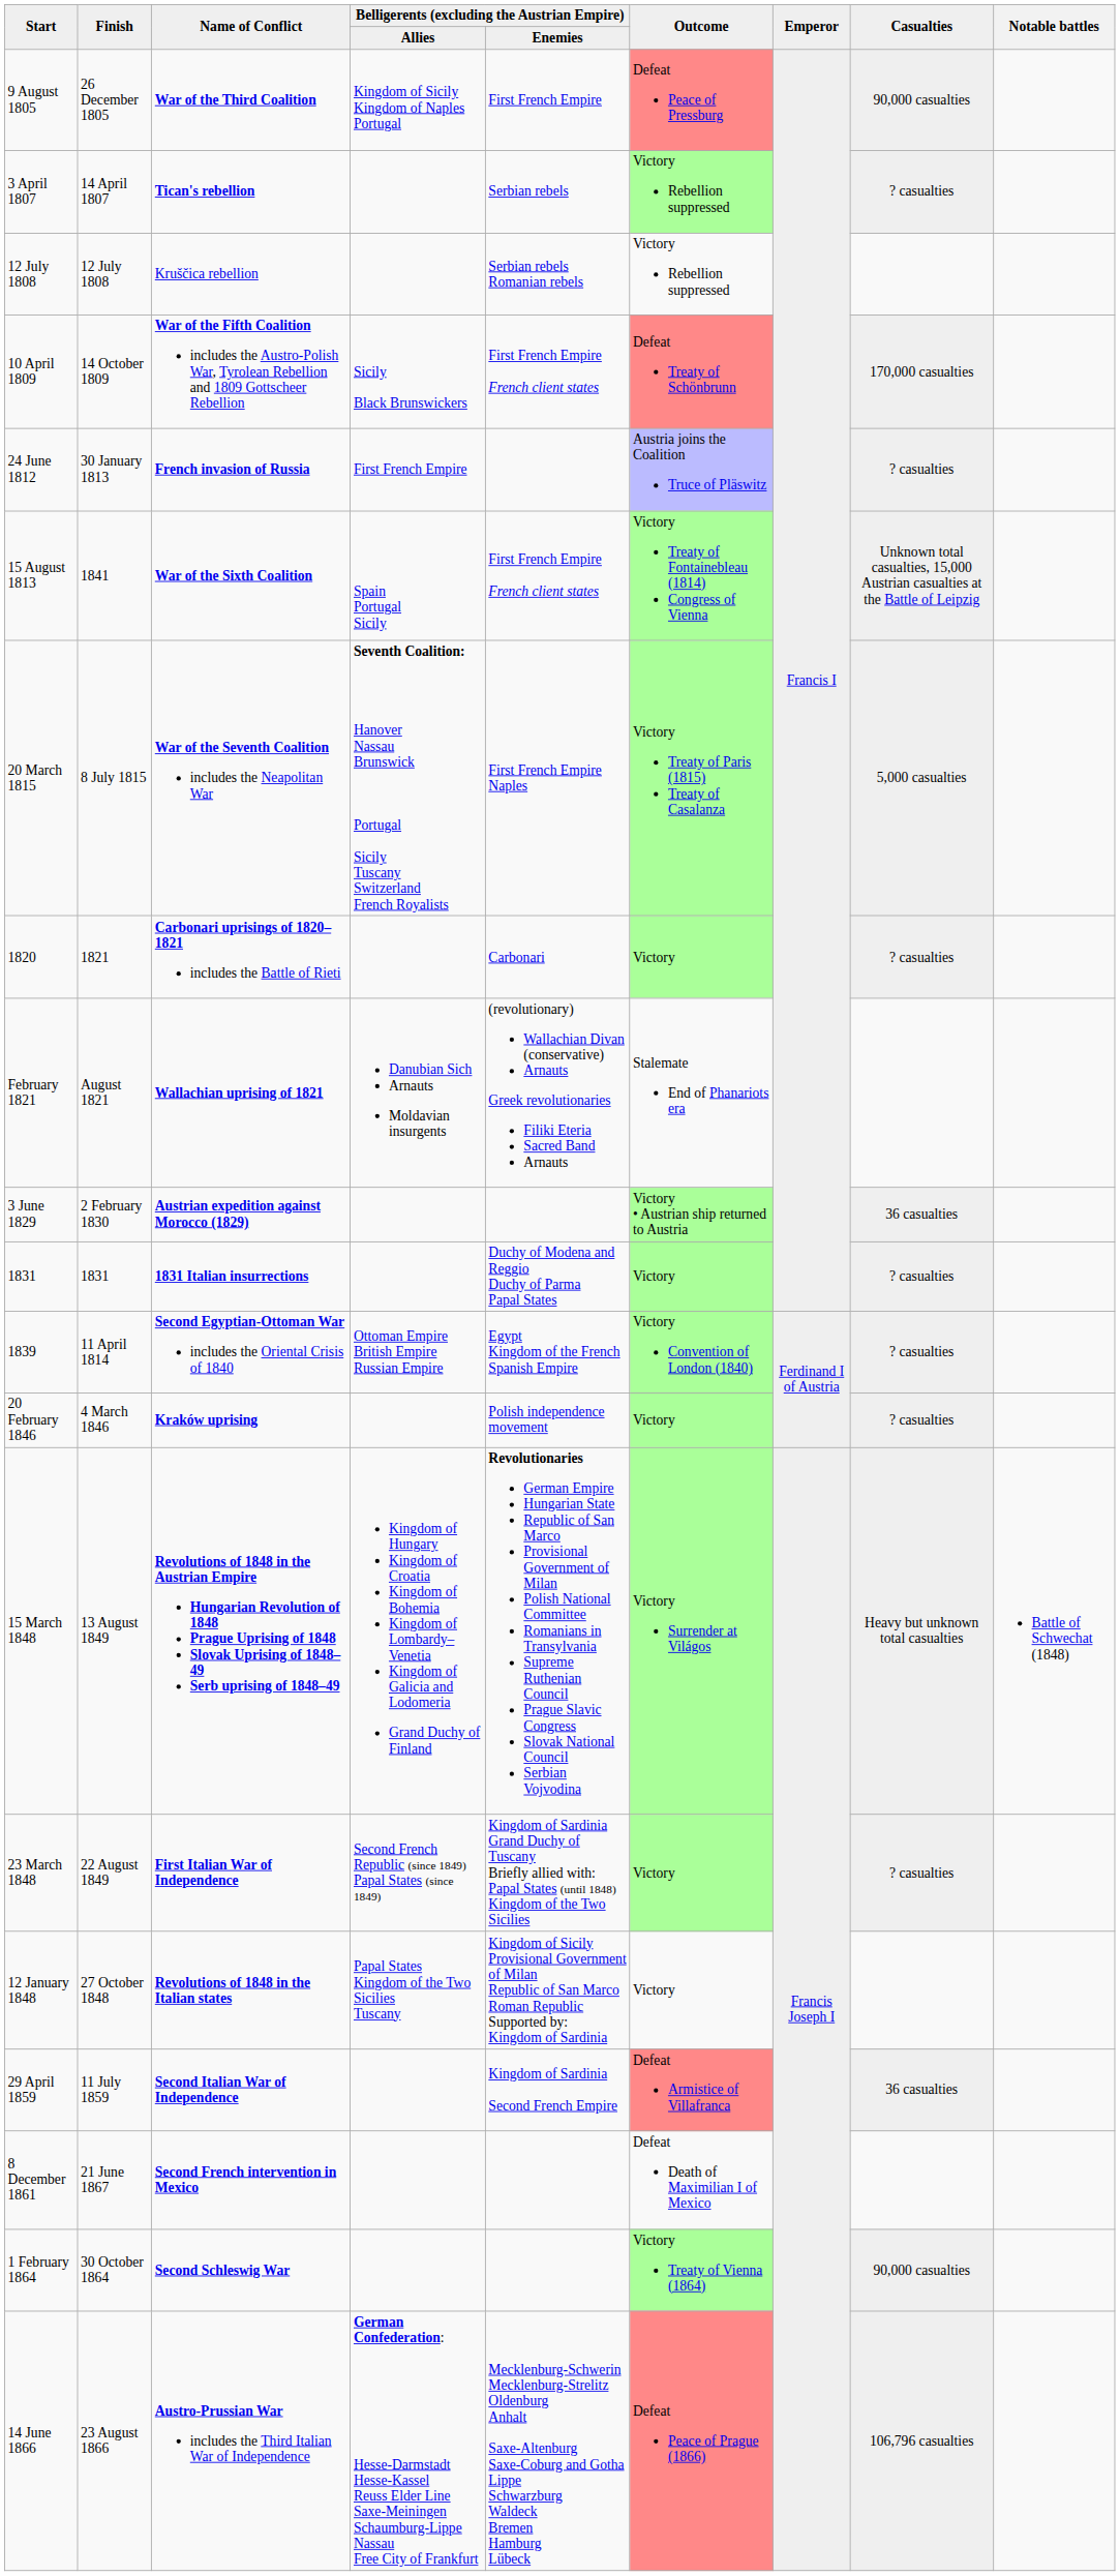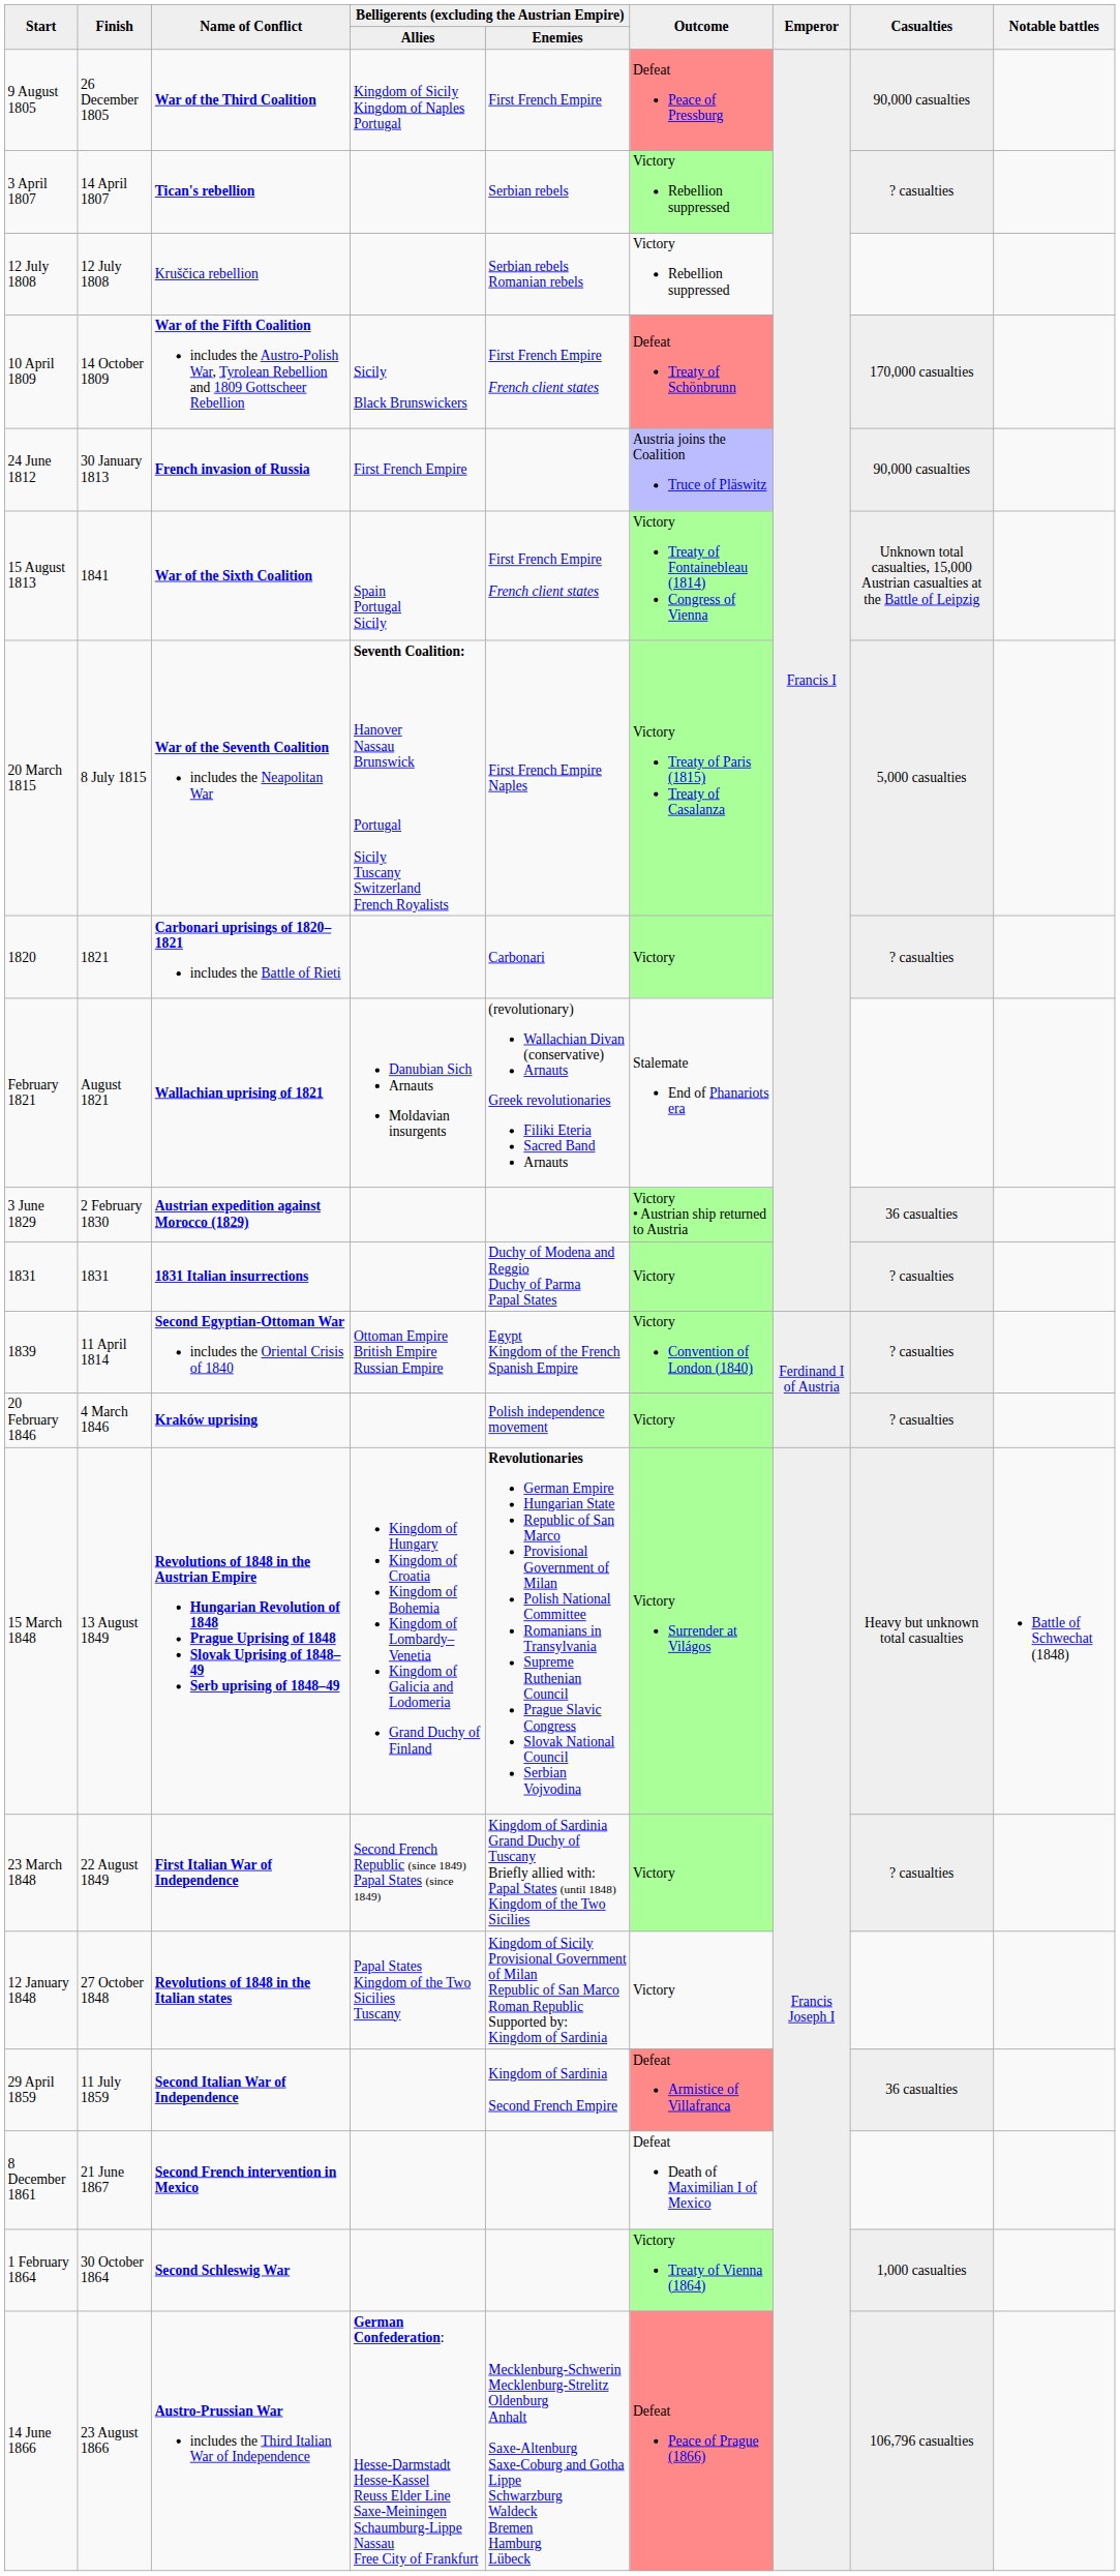 <table class="wikitable sortable" width="100%">
 <tr>
 <th rowspan="2" style="background:#efefef;">Start</th>
 <th rowspan="2" style="background:#efefef;">Finish</th>
 <th rowspan="2" style="background:#efefef;">Name of Conflict</th>
 <th colspan="2" style="background:#efefef;">Belligerents (excluding the Austrian Empire)</th>
 <th rowspan="2" style="background:#efefef;">Outcome</th>
 <th rowspan="2" style="background:#efefef;">Emperor</th>
 <th rowspan="2" style="background:#efefef;">Casualties</th>
 <th rowspan="2">Notable battles</th>
 </tr>
 <tr>
 <th style="background:#efefef;">Allies</th>
 <th style="background:#efefef;">Enemies</th>
 </tr>
 <tr>
 <td>9 August 1805</td>
 <td>26 December 1805</td>
 <td><strong><a href='#'>War of the Third Coalition</a></strong></td>
 <td><br><br> <a href='#'>Kingdom of Sicily</a><br><a href='#'>Kingdom of Naples</a><br> <a href='#'>Portugal</a><br><br></td>
 <td> <a href='#'>First French Empire</a><br></td>
 <td style="background:#F88">Defeat<br><ul><li><a href='#'>Peace of Pressburg</a></li></ul></td>
 <td rowspan="11" style="background:#efefef; text-align:center"><a href='#'>Francis I</a></td>
 <td style="background:#efefef; text-align:center">90,000 casualties</td>
 <td></td>
 </tr>
 <tr>
 <td>3 April 1807</td>
 <td>14 April 1807</td>
 <td><strong><a href='#'>Tican's rebellion</a></strong></td>
 <td></td>
 <td><a href='#'>Serbian rebels</a></td>
 <td style="Background:#AF9">Victory<br><ul><li>Rebellion suppressed</li></ul></td>
 <td style="background:#efefef; text-align:center">? casualties</td>
 <td></td>
 </tr>
 <tr>
 <td>12 July<br>1808</td>
 <td>12 July 1808</td>
 <td><a href='#'>Kruščica rebellion</a></td>
 <td></td>
 <td><a href='#'>Serbian rebels</a><br><a href='#'>Romanian rebels</a></td>
 <td>Victory<br><ul><li>Rebellion suppressed</li></ul></td>
 <td></td>
 <td></td>
 </tr>
 <tr>
 <td>10 April 1809</td>
 <td>14 October 1809</td>
 <td><strong><a href='#'>War of the Fifth Coalition</a></strong><br><ul><li>includes the <a href='#'>Austro-Polish War</a>, <a href='#'>Tyrolean Rebellion</a> and <a href='#'>1809 Gottscheer Rebellion</a></li></ul></td>
 <td><br><br> <a href='#'>Sicily</a> <br> <br>  <a href='#'>Black Brunswickers</a></td>
 <td> <a href='#'>First French Empire</a><br><br><em><a href='#'>French client states</a></em></td>
 <td style="background:#F88">Defeat<br><ul><li><a href='#'>Treaty of Schönbrunn</a></li></ul></td>
 <td style="background:#efefef; text-align:center">170,000 casualties</td>
 <td></td>
 </tr>
 <tr>
 <td>24 June 1812</td>
 <td>30 January 1813</td>
 <td><strong><a href='#'>French invasion of Russia</a></strong></td>
 <td> <a href='#'>First French Empire</a><br></td>
 <td><br><br></td>
 <td style="background:#BBf">Austria joins the Coalition<br><ul><li><a href='#'>Truce of Pläswitz</a></li></ul></td>
-<td style="background:#efefef; text-align:center">? casualties</td>
+<td style="background:#efefef; text-align:center">90,000 casualties</td>
 <td></td>
 </tr>
 <tr>
 <td>15 August 1813</td>
 <td>1841</td>
 <td><strong><a href='#'>War of the Sixth Coalition</a></strong></td>
 <td><br><br><br><br> <a href='#'>Spain</a><br> <a href='#'>Portugal</a><br> <a href='#'>Sicily</a><br></td>
 <td> <a href='#'>First French Empire</a><br><br><em><a href='#'>French client states</a></em></td>
 <td style="Background:#AF9">Victory<br><ul><li><a href='#'>Treaty of Fontainebleau (1814)</a></li><li><a href='#'>Congress of Vienna</a></li></ul></td>
 <td style="background:#efefef; text-align:center">Unknown total casualties, 15,000 Austrian casualties at the <a href='#'>Battle of Leipzig</a></td>
 <td></td>
 </tr>
 <tr>
 <td>20 March 1815</td>
 <td>8 July 1815</td>
 <td><strong><a href='#'>War of the Seventh Coalition</a></strong><br><ul><li>includes the <a href='#'>Neapolitan War</a></li></ul></td>
 <td><strong>Seventh Coalition:</strong><br><br><br><br><br> <a href='#'>Hanover</a><br> <a href='#'>Nassau</a><br> <a href='#'>Brunswick</a><br><br><br><br> <a href='#'>Portugal</a><br><br> <a href='#'>Sicily</a><br> <a href='#'>Tuscany</a><br> <a href='#'>Switzerland</a><br> <a href='#'>French Royalists</a></td>
 <td> <a href='#'>First French Empire</a><br> <a href='#'>Naples</a></td>
 <td style="Background:#AF9">Victory<br><ul><li><a href='#'>Treaty of Paris (1815)</a></li><li><a href='#'>Treaty of Casalanza</a></li></ul></td>
 <td style="background:#efefef; text-align:center">5,000 casualties</td>
 <td></td>
 </tr>
 <tr>
 <td>1820</td>
 <td>1821</td>
 <td><strong><a href='#'>Carbonari uprisings of 1820–1821</a></strong><br><ul><li>includes the <a href='#'>Battle of Rieti</a></li></ul></td>
 <td></td>
 <td> <a href='#'>Carbonari</a></td>
 <td style="Background:#AF9">Victory</td>
 <td style="background:#efefef; text-align:center">? casualties</td>
 <td></td>
 </tr>
 <tr>
 <td>February 1821</td>
 <td>August 1821</td>
 <td><strong><a href='#'>Wallachian uprising of 1821</a></strong></td>
 <td><br><ul><li> <a href='#'>Danubian Sich</a></li><li>Arnauts</li></ul><ul><li> Moldavian insurgents</li></ul></td>
 <td> (revolutionary)<br><ul><li> <a href='#'>Wallachian Divan</a> (conservative)</li><li><a href='#'>Arnauts</a></li></ul> <a href='#'>Greek revolutionaries</a><ul><li> <a href='#'>Filiki Eteria</a></li><li> <a href='#'>Sacred Band</a></li><li>Arnauts</li></ul></td>
 <td>Stalemate<br><ul><li>End of <a href='#'>Phanariots era</a></li></ul></td>
 <td></td>
 <td></td>
 </tr>
 <tr>
 <td>3 June 1829</td>
 <td>2 February 1830</td>
 <td><strong><a href='#'>Austrian expedition against Morocco (1829)</a></strong></td>
 <td></td>
 <td><br></td>
 <td style="Background:#AF9">Victory<br>• Austrian ship returned to Austria</td>
 <td style="background:#efefef; text-align:center">36 casualties</td>
 <td></td>
 </tr>
 <tr>
 <td>1831</td>
 <td>1831</td>
 <td><strong><a href='#'>1831 Italian insurrections</a></strong></td>
 <td></td>
 <td> <a href='#'>Duchy of Modena and Reggio</a><br> <a href='#'>Duchy of Parma</a><br> <a href='#'>Papal States</a></td>
 <td style="Background:#AF9">Victory</td>
 <td style="background:#efefef; text-align:center">? casualties</td>
 <td></td>
 </tr>
 <tr>
 <td>1839</td>
 <td>11 April 1814</td>
 <td><strong><a href='#'>Second Egyptian-Ottoman War</a></strong><br><ul><li>includes the <a href='#'>Oriental Crisis of 1840</a></li></ul></td>
 <td> <a href='#'>Ottoman Empire</a><br> <a href='#'>British Empire</a>  <a href='#'>Russian Empire</a> </td>
 <td> <a href='#'>Egypt</a><br> <a href='#'>Kingdom of the French</a>  <a href='#'>Spanish Empire</a></td>
 <td style="Background:#AF9">Victory<br><ul><li><a href='#'>Convention of London (1840)</a></li></ul></td>
 <td style="background:#efefef; text-align:center" rowspan=2><a href='#'>Ferdinand I of Austria</a></td>
 <td style="background:#efefef; text-align:center">? casualties</td>
 <td></td>
 </tr>
 <tr>
 <td>20 February 1846</td>
 <td>4 March 1846</td>
 <td><strong><a href='#'>Kraków uprising</a></strong></td>
 <td></td>
 <td> <a href='#'>Polish independence movement</a></td>
 <td style="Background:#AF9">Victory</td>
 <td style="background:#efefef; text-align:center">? casualties</td>
 <td></td>
 </tr>
 <tr>
 <td>15 March 1848</td>
 <td>13 August 1849</td>
 <td><strong><a href='#'>Revolutions of 1848 in the Austrian Empire</a></strong><br><ul><li><strong><a href='#'>Hungarian Revolution of 1848</a></strong></li><li><strong><a href='#'>Prague Uprising of 1848</a></strong></li><li><strong><a href='#'>Slovak Uprising of 1848–49</a></strong></li><li><strong><a href='#'>Serb uprising of 1848–49</a></strong></li></ul></td>
 <td><br><ul><li> <a href='#'>Kingdom of Hungary</a></li><li> <a href='#'>Kingdom of Croatia</a></li><li> <a href='#'>Kingdom of Bohemia</a></li><li> <a href='#'>Kingdom of Lombardy–Venetia</a></li><li> <a href='#'>Kingdom of Galicia and Lodomeria</a></li></ul><ul><li> <a href='#'>Grand Duchy of Finland</a></li></ul></td>
 <td><strong>Revolutionaries</strong><br><ul><li> <a href='#'>German Empire</a></li><li> <a href='#'>Hungarian State</a></li><li> <a href='#'>Republic of San Marco</a></li><li> <a href='#'>Provisional Government of Milan</a></li><li> <a href='#'>Polish National Committee</a></li><li><a href='#'>Romanians in Transylvania</a></li><li> <a href='#'>Supreme Ruthenian Council</a></li><li> <a href='#'>Prague Slavic Congress</a></li><li> <a href='#'>Slovak National Council</a></li><li> <a href='#'>Serbian Vojvodina</a></li></ul></td>
 <td style="Background:#AF9">Victory<br><ul><li><a href='#'>Surrender at Világos</a></li></ul></td>
 <td rowspan="7" style="background:#efefef; text-align:center"><a href='#'>Francis Joseph I</a></td>
 <td style="background:#efefef; text-align:center">Heavy but unknown total casualties</td>
 <td><br><ul><li><a href='#'>Battle of Schwechat</a> (1848)</li></ul></td>
 </tr>
 <tr>
 <td>23 March 1848</td>
 <td>22 August 1849</td>
 <td><strong><a href='#'>First Italian War of Independence</a></strong></td>
 <td> <a href='#'>Second French Republic</a> <small>(since 1849)</small><br> <a href='#'>Papal States</a> <small>(since 1849)</small></td>
 <td> <a href='#'>Kingdom of Sardinia</a><br> <a href='#'>Grand Duchy of Tuscany</a><br>Briefly allied with:<br> <a href='#'>Papal States</a> <small>(until 1848)</small><br> <a href='#'>Kingdom of the Two Sicilies</a></td>
 <td style="Background:#AF9">Victory</td>
 <td style="background:#efefef; text-align:center">? casualties</td>
 <td></td>
 </tr>
 <tr>
 <td>12 January 1848</td>
 <td>27 October 1848</td>
 <td><strong><a href='#'>Revolutions of 1848 in the Italian states</a></strong></td>
 <td> <a href='#'>Papal States</a><br> <a href='#'>Kingdom of the Two Sicilies</a><br> <a href='#'>Tuscany</a></td>
 <td> <a href='#'>Kingdom of Sicily</a><br> <a href='#'>Provisional Government of Milan</a><br> <a href='#'>Republic of San Marco</a><br> <a href='#'>Roman Republic</a><br>Supported by:<br> <a href='#'>Kingdom of Sardinia</a></td>
 <td>Victory</td>
 <td></td>
 <td></td>
 </tr>
 <tr>
 <td>29 April 1859</td>
 <td>11 July 1859</td>
 <td><strong><a href='#'>Second Italian War of Independence</a></strong></td>
 <td></td>
 <td> <a href='#'>Kingdom of Sardinia</a><br><br> <a href='#'>Second French Empire</a></td>
 <td style="background:#F88">Defeat<br><ul><li><a href='#'>Armistice of Villafranca</a></li></ul></td>
 <td style="background:#efefef; text-align:center">36 casualties</td>
 <td></td>
 </tr>
 <tr>
 <td>8 December 1861</td>
 <td>21 June 1867</td>
 <td><strong><a href='#'>Second French intervention in Mexico</a></strong></td>
 <td></td>
 <td></td>
 <td>Defeat<br><ul><li>Death of <a href='#'>Maximilian I of Mexico</a></li></ul></td>
 <td></td>
 <td></td>
 </tr>
 <tr>
 <td>1 February 1864</td>
 <td>30 October 1864</td>
 <td><strong><a href='#'>Second Schleswig War</a></strong></td>
 <td></td>
 <td></td>
 <td style="Background:#AF9">Victory<br><ul><li><a href='#'>Treaty of Vienna (1864)</a></li></ul></td>
-<td style="background:#efefef; text-align:center">90,000 casualties</td>
+<td style="background:#efefef; text-align:center">1,000 casualties</td>
 <td></td>
 </tr>
 <tr>
 <td>14 June 1866</td>
 <td>23 August 1866</td>
 <td><strong><a href='#'>Austro-Prussian War</a></strong><br><ul><li>includes the <a href='#'>Third Italian War of Independence</a></li></ul></td>
 <td> <strong><a href='#'>German Confederation</a></strong>:<br><br><br><br> <br> <br> <br> <br>  <a href='#'>Hesse-Darmstadt</a><br>  <a href='#'>Hesse-Kassel</a><br>  <a href='#'>Reuss Elder Line</a><br>  <a href='#'>Saxe-Meiningen</a><br>  <a href='#'>Schaumburg-Lippe</a><br>  <a href='#'>Nassau</a><br>  <a href='#'>Free City of Frankfurt</a></td>
 <td><br><br><br>  <a href='#'>Mecklenburg-Schwerin</a><br>  <a href='#'>Mecklenburg-Strelitz</a><br>  <a href='#'>Oldenburg</a><br>  <a href='#'>Anhalt</a><br> <br>  <a href='#'>Saxe-Altenburg</a><br>  <a href='#'>Saxe-Coburg and Gotha</a><br>  <a href='#'>Lippe</a><br>  <a href='#'>Schwarzburg</a><br>  <a href='#'>Waldeck</a><br>  <a href='#'>Bremen</a><br>  <a href='#'>Hamburg</a><br>  <a href='#'>Lübeck</a></td>
 <td style="background:#F88">Defeat<br><ul><li><a href='#'>Peace of Prague (1866)</a></li></ul></td>
 <td style="background:#efefef; text-align:center">106,796 casualties</td>
 <td></td>
 </tr>
 </table>
